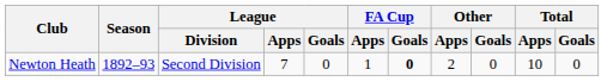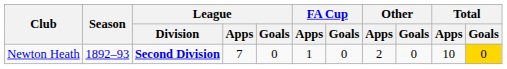 <table class="wikitable" style="text-align:center">
 <tr>
 <th rowspan="2">Club</th>
 <th rowspan="2">Season</th>
 <th colspan="3">League</th>
 <th colspan="2"><a href='#'>FA Cup</a></th>
 <th colspan="2">Other</th>
 <th colspan="2">Total</th>
 </tr>
 <tr>
 <th>Division</th>
 <th>Apps</th>
 <th>Goals</th>
 <th>Apps</th>
 <th>Goals</th>
 <th>Apps</th>
 <th>Goals</th>
 <th>Apps</th>
 <th>Goals</th>
 </tr>
 <tr>
 <td><a href='#'>Newton Heath</a></td>
 <td><a href='#'>1892–93</a></td>
-<td><a href='#'>Second Division</a></td>
+<td><strong><a href='#'>Second Division</a></strong></td>
 <td>7</td>
 <td>0</td>
 <td>1</td>
-<td><strong>0</strong></td>
+<td>0</td>
 <td>2</td>
 <td>0</td>
 <td>10</td>
-<td>0</td>
+<td style="background: gold;">0</td>
 </tr>
 </table>
